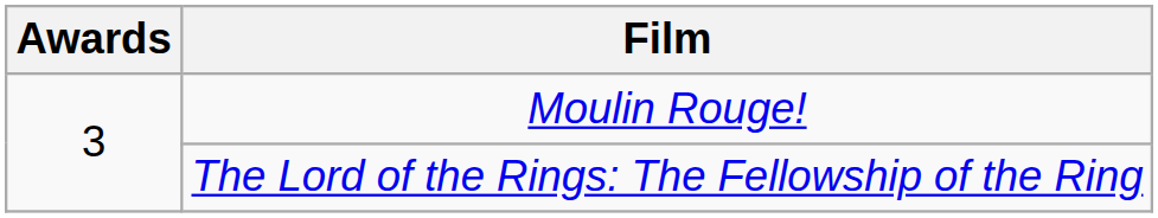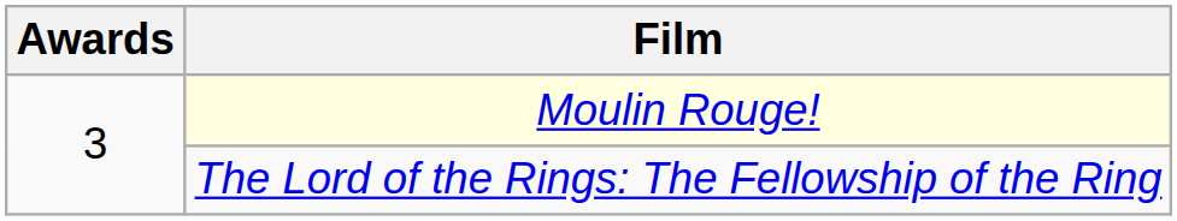 <table class="wikitable" style="text-align: center;">
 <tr>
 <th scope="col" width="55">Awards</th>
 <th scope="col">Film</th>
 </tr>
 <tr>
 <td rowspan=2>3</td>
-<td><em><a href='#'>Moulin Rouge!</a></em></td>
+<td style="background: lightyellow;"><em><a href='#'>Moulin Rouge!</a></em></td>
 </tr>
 <tr>
 <td><em><a href='#'>The Lord of the Rings: The Fellowship of the Ring</a></em></td>
 </tr>
 </table>
